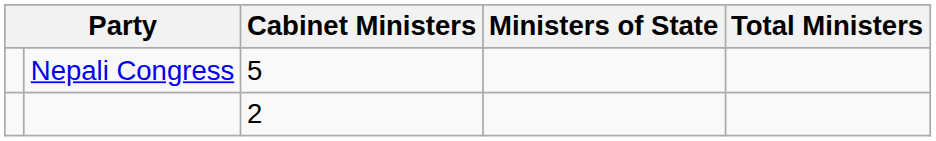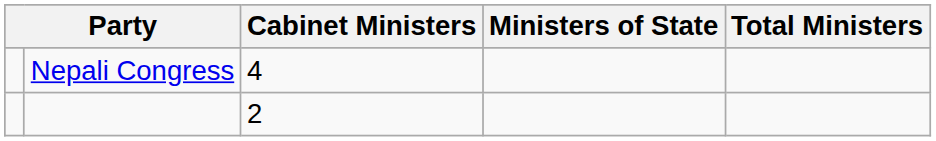 <table class="wikitable">
 <tr>
 <th colspan="2">Party</th>
 <th>Cabinet Ministers</th>
 <th>Ministers of State</th>
 <th>Total Ministers</th>
 </tr>
 <tr>
 <td width="4px"></td>
 <td><a href='#'>Nepali Congress</a></td>
-<td>5</td>
+<td>4</td>
 <td></td>
 <td></td>
 </tr>
 <tr>
 <td></td>
 <td></td>
 <td>2</td>
 <td></td>
 <td></td>
 </tr>
 </table>
